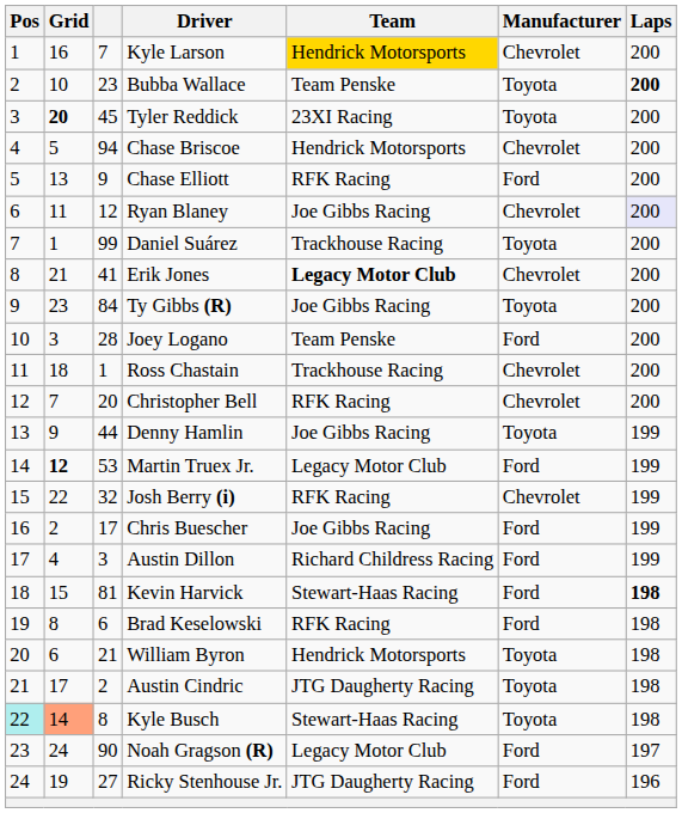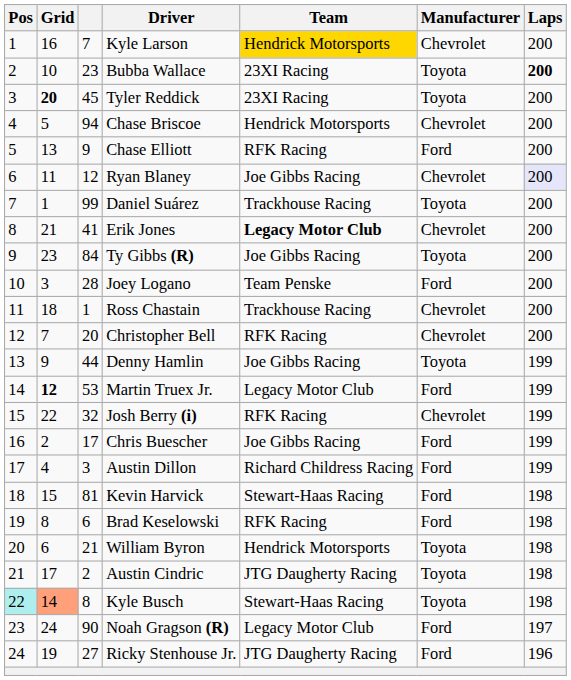 <table class="wikitable" style="font-size:98%">
 <tr>
 <th>Pos</th>
 <th>Grid</th>
 <th></th>
 <th>Driver</th>
 <th>Team</th>
 <th>Manufacturer</th>
 <th>Laps</th>
 </tr>
 <tr>
 <td>1</td>
 <td>16</td>
 <td>7</td>
 <td>Kyle Larson</td>
 <td style="background: gold;">Hendrick Motorsports</td>
 <td>Chevrolet</td>
 <td>200</td>
 </tr>
 <tr>
 <td>2</td>
 <td>10</td>
 <td>23</td>
 <td>Bubba Wallace</td>
-<td>Team Penske</td>
+<td>23XI Racing</td>
 <td>Toyota</td>
 <td><strong>200</strong></td>
 </tr>
 <tr>
 <td>3</td>
 <td><strong>20</strong></td>
 <td>45</td>
 <td>Tyler Reddick</td>
 <td>23XI Racing</td>
 <td>Toyota</td>
 <td>200</td>
 </tr>
 <tr>
 <td>4</td>
 <td>5</td>
 <td>94</td>
 <td>Chase Briscoe</td>
 <td>Hendrick Motorsports</td>
 <td>Chevrolet</td>
 <td>200</td>
 </tr>
 <tr>
 <td>5</td>
 <td>13</td>
 <td>9</td>
 <td>Chase Elliott</td>
 <td>RFK Racing</td>
 <td>Ford</td>
 <td>200</td>
 </tr>
 <tr>
 <td>6</td>
 <td>11</td>
 <td>12</td>
 <td>Ryan Blaney</td>
 <td>Joe Gibbs Racing</td>
 <td>Chevrolet</td>
 <td style="background: lavender;">200</td>
 </tr>
 <tr>
 <td>7</td>
 <td>1</td>
 <td>99</td>
 <td>Daniel Suárez</td>
 <td>Trackhouse Racing</td>
 <td>Toyota</td>
 <td>200</td>
 </tr>
 <tr>
 <td>8</td>
 <td>21</td>
 <td>41</td>
 <td>Erik Jones</td>
 <td><strong>Legacy Motor Club</strong></td>
 <td>Chevrolet</td>
 <td>200</td>
 </tr>
 <tr>
 <td>9</td>
 <td>23</td>
 <td>84</td>
 <td>Ty Gibbs <strong>(R)</strong></td>
 <td>Joe Gibbs Racing</td>
 <td>Toyota</td>
 <td>200</td>
 </tr>
 <tr>
 <td>10</td>
 <td>3</td>
 <td>28</td>
 <td>Joey Logano</td>
 <td>Team Penske</td>
 <td>Ford</td>
 <td>200</td>
 </tr>
 <tr>
 <td>11</td>
 <td>18</td>
 <td>1</td>
 <td>Ross Chastain</td>
 <td>Trackhouse Racing</td>
 <td>Chevrolet</td>
 <td>200</td>
 </tr>
 <tr>
 <td>12</td>
 <td>7</td>
 <td>20</td>
 <td>Christopher Bell</td>
 <td>RFK Racing</td>
 <td>Chevrolet</td>
 <td>200</td>
 </tr>
 <tr>
 <td>13</td>
 <td>9</td>
 <td>44</td>
 <td>Denny Hamlin</td>
 <td>Joe Gibbs Racing</td>
 <td>Toyota</td>
 <td>199</td>
 </tr>
 <tr>
 <td>14</td>
 <td><strong>12</strong></td>
 <td>53</td>
 <td>Martin Truex Jr.</td>
 <td>Legacy Motor Club</td>
 <td>Ford</td>
 <td>199</td>
 </tr>
 <tr>
 <td>15</td>
 <td>22</td>
 <td>32</td>
 <td>Josh Berry <strong>(i)</strong></td>
 <td>RFK Racing</td>
 <td>Chevrolet</td>
 <td>199</td>
 </tr>
 <tr>
 <td>16</td>
 <td>2</td>
 <td>17</td>
 <td>Chris Buescher</td>
 <td>Joe Gibbs Racing</td>
 <td>Ford</td>
 <td>199</td>
 </tr>
 <tr>
 <td>17</td>
 <td>4</td>
 <td>3</td>
 <td>Austin Dillon</td>
 <td>Richard Childress Racing</td>
 <td>Ford</td>
 <td>199</td>
 </tr>
 <tr>
 <td>18</td>
 <td>15</td>
 <td>81</td>
 <td>Kevin Harvick</td>
 <td>Stewart-Haas Racing</td>
 <td>Ford</td>
-<td><strong>198</strong></td>
+<td>198</td>
 </tr>
 <tr>
 <td>19</td>
 <td>8</td>
 <td>6</td>
 <td>Brad Keselowski</td>
 <td>RFK Racing</td>
 <td>Ford</td>
 <td>198</td>
 </tr>
 <tr>
 <td>20</td>
 <td>6</td>
 <td>21</td>
 <td>William Byron</td>
 <td>Hendrick Motorsports</td>
 <td>Toyota</td>
 <td>198</td>
 </tr>
 <tr>
 <td>21</td>
 <td>17</td>
 <td>2</td>
 <td>Austin Cindric</td>
 <td>JTG Daugherty Racing</td>
 <td>Toyota</td>
 <td>198</td>
 </tr>
 <tr>
 <td style="background: paleturquoise;">22</td>
 <td style="background: lightsalmon;">14</td>
 <td>8</td>
 <td>Kyle Busch</td>
 <td>Stewart-Haas Racing</td>
 <td>Toyota</td>
 <td>198</td>
 </tr>
 <tr>
 <td>23</td>
 <td>24</td>
 <td>90</td>
 <td>Noah Gragson <strong>(R)</strong></td>
 <td>Legacy Motor Club</td>
 <td>Ford</td>
 <td>197</td>
 </tr>
 <tr>
 <td>24</td>
 <td>19</td>
 <td>27</td>
 <td>Ricky Stenhouse Jr.</td>
 <td>JTG Daugherty Racing</td>
 <td>Ford</td>
 <td>196</td>
 </tr>
 <tr>
 <th colspan="7"></th>
 </tr>
 </table>
